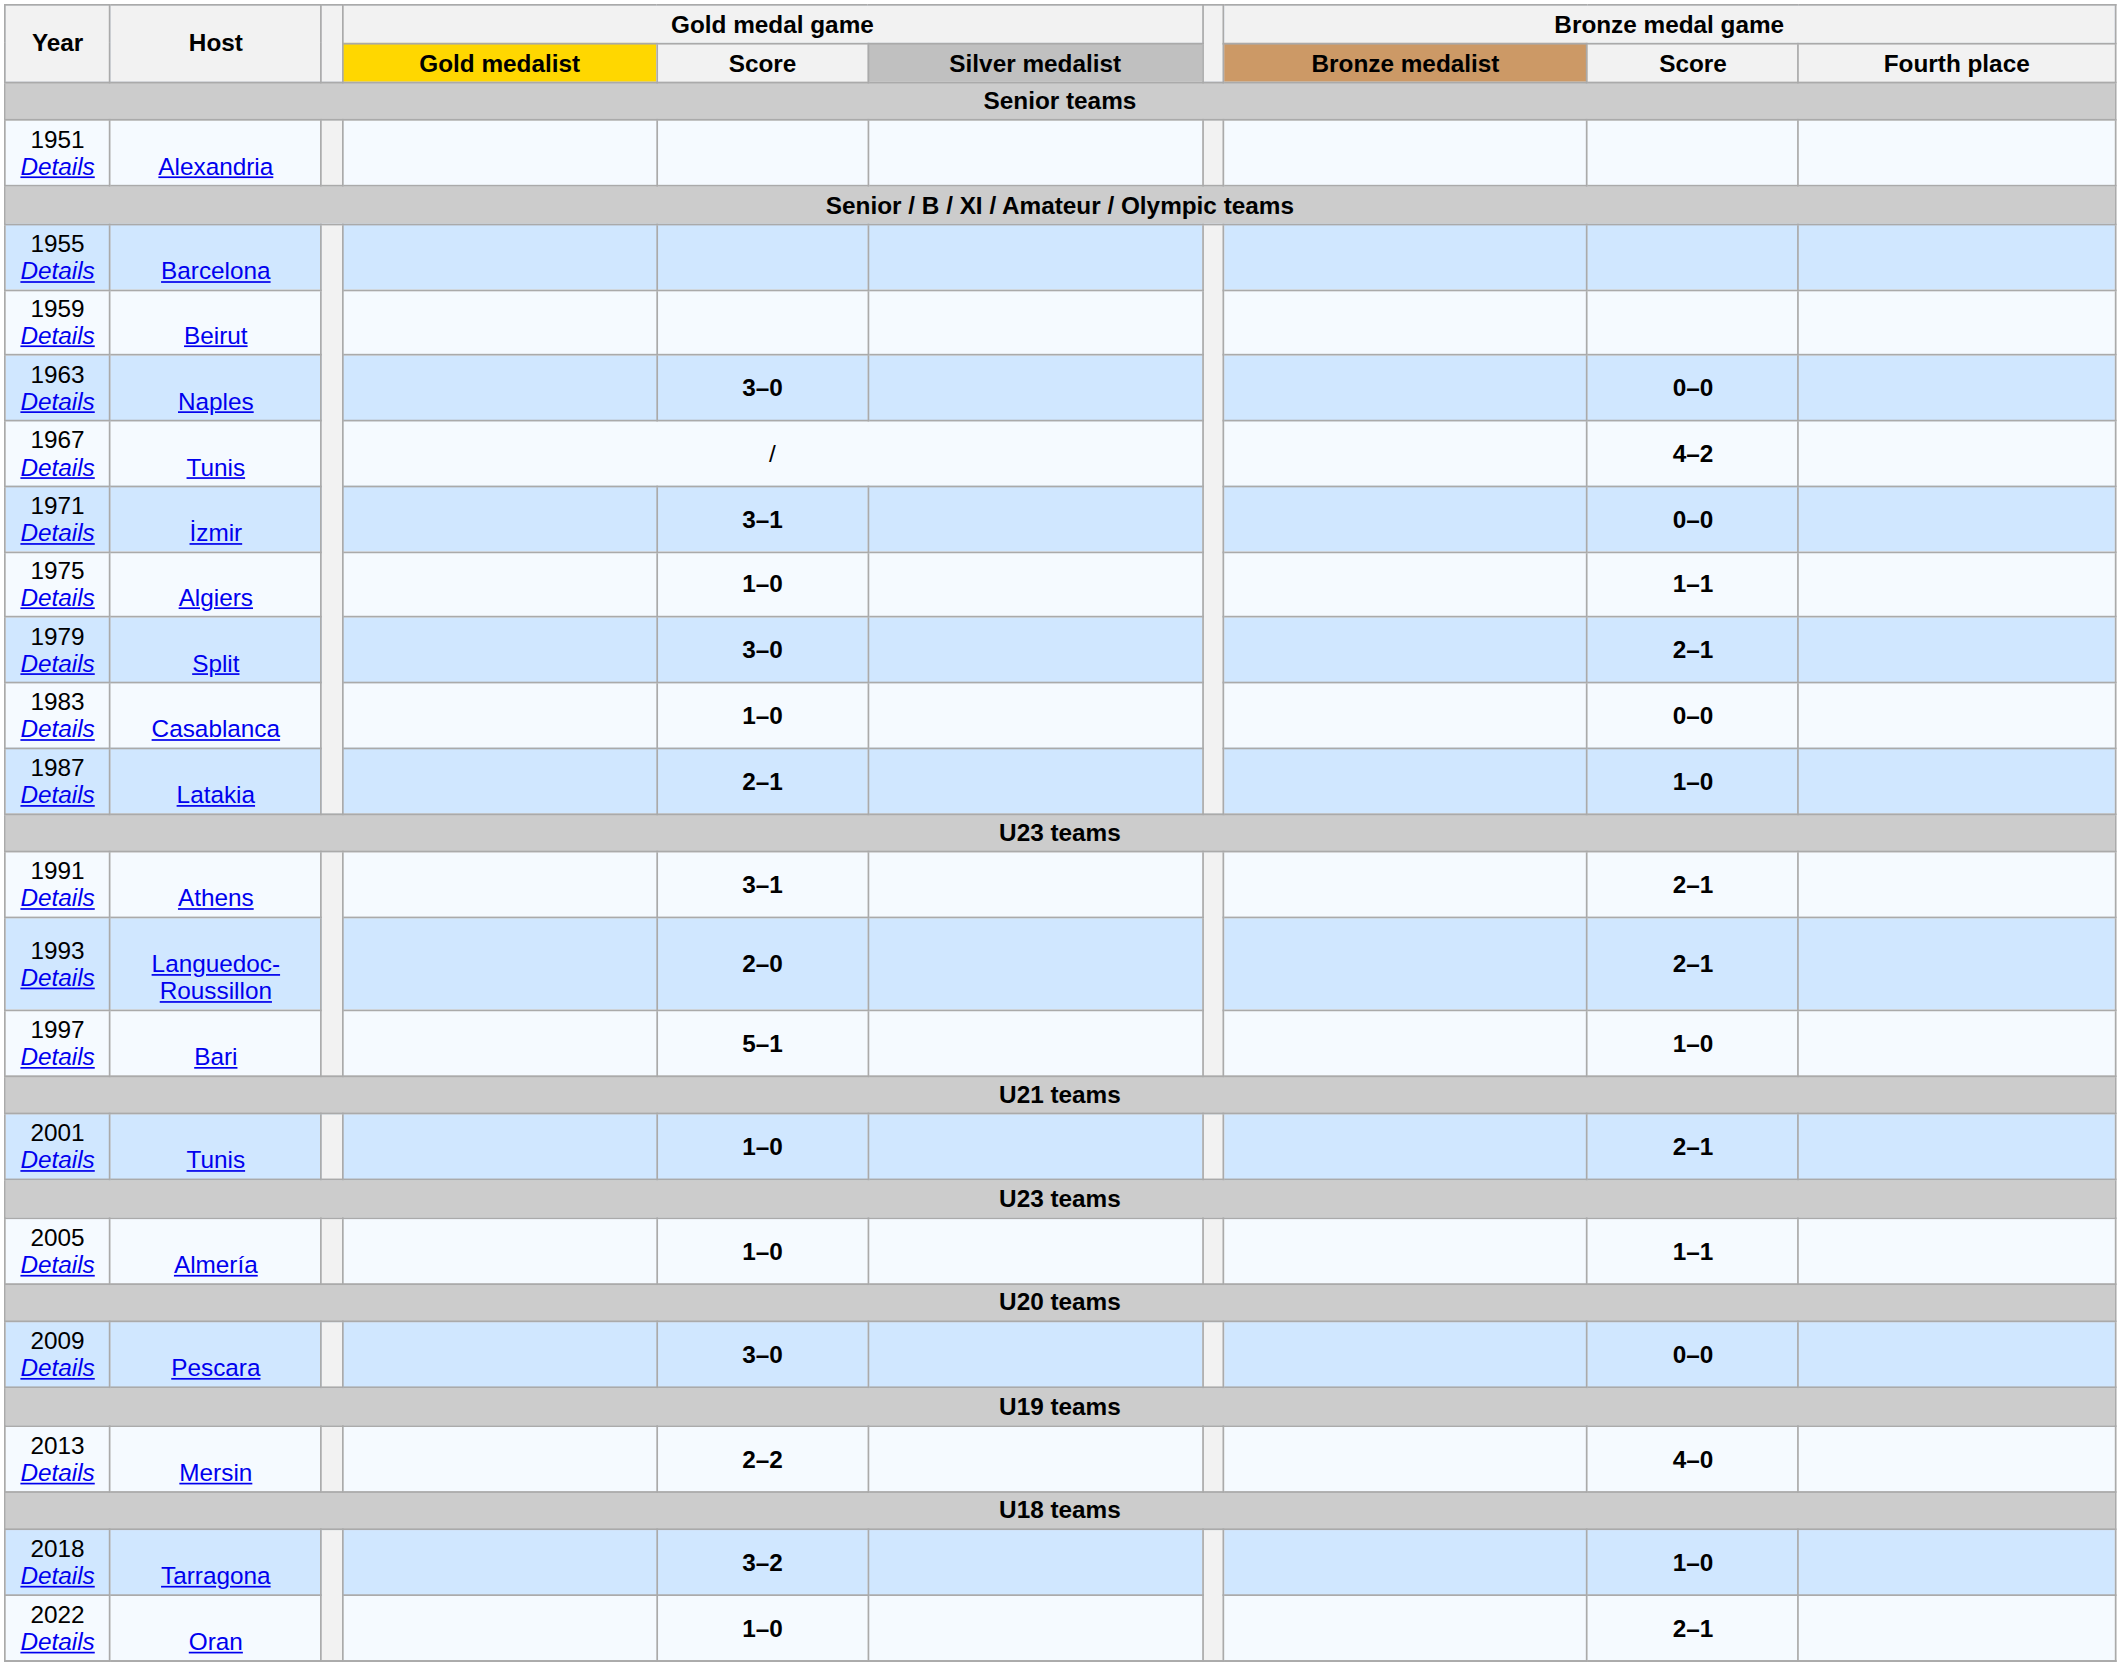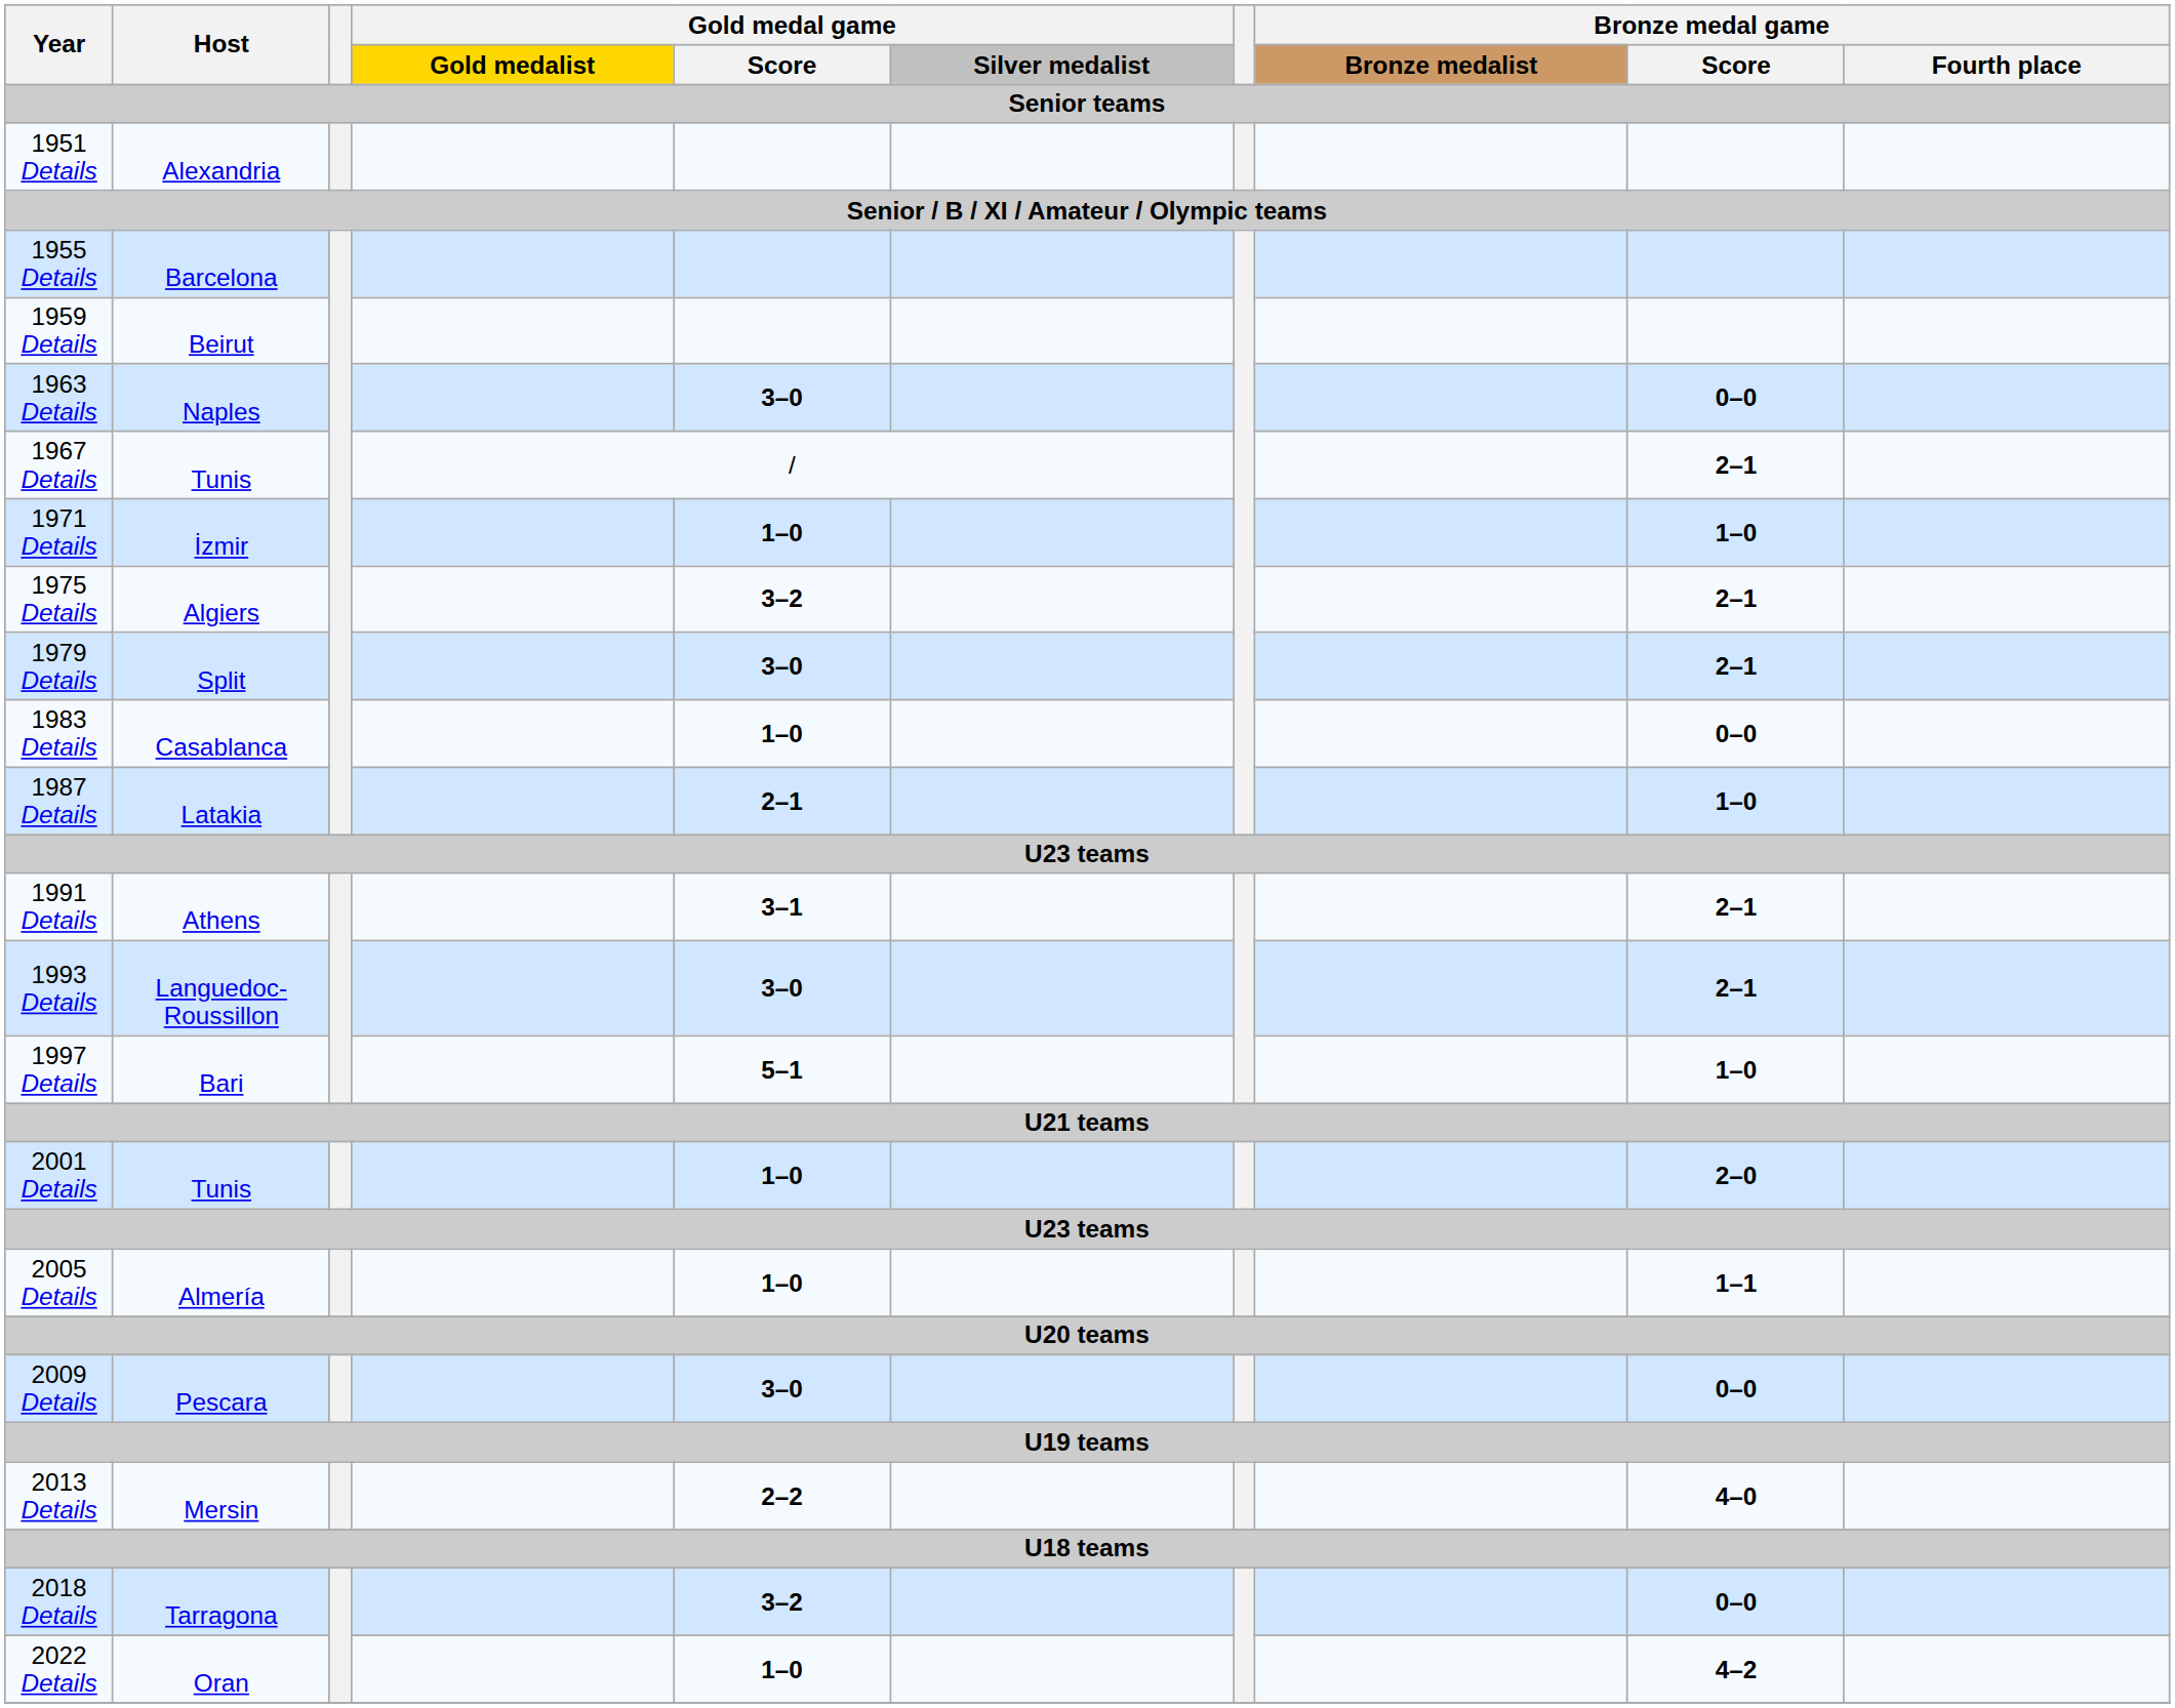 <table class=wikitable style="text-align:center; font-size:90%;">
 <tr bgcolor=#C1D8FF>
 <th rowspan=2 width=5%>Year</th>
 <th rowspan=2 width=10%>Host</th>
 <th width=1% rowspan=2 bgcolor=ffffff></th>
 <th colspan=3>Gold medal game</th>
 <th width=1% rowspan=2 bgcolor=ffffff></th>
 <th colspan=3>Bronze medal game</th>
 </tr>
 <tr bgcolor=#EFEFEF>
 <th style="background:gold; width=15%"> Gold medalist</th>
 <th width=10%>Score</th>
 <th style="background:silver; width=15%"> Silver medalist</th>
 <th style="background:#cc9966; width=15%"> Bronze medalist</th>
 <th width=10%>Score</th>
 <th width=15%>Fourth place</th>
 </tr>
 <tr bgcolor=#cccccc align=center>
 <td colspan=10><strong>Senior teams</strong></td>
 </tr>
 <tr bgcolor=#F5FAFF>
 <td>1951<br><em><a href='#'>Details</a></em></td>
 <td> <br><a href='#'>Alexandria</a></td>
 <th width=1% rowspan=1 bgcolor=ffffff></th>
 <td><strong></strong></td>
 <td></td>
 <td></td>
 <th width=1% rowspan=1 bgcolor=ffffff></th>
 <td></td>
 <td></td>
 <td></td>
 </tr>
 <tr bgcolor=#cccccc align=center>
 <td colspan=10><strong>Senior / B / XI / Amateur / Olympic teams</strong></td>
 </tr>
 <tr bgcolor=#D0E7FF>
 <td>1955<br><em><a href='#'>Details</a></em></td>
 <td> <br><a href='#'>Barcelona</a></td>
 <th width=1% rowspan=9 bgcolor=ffffff></th>
 <td><strong></strong></td>
 <td></td>
 <td></td>
 <th width=1% rowspan=9 bgcolor=ffffff></th>
 <td></td>
 <td></td>
 <td></td>
 </tr>
 <tr bgcolor=#F5FAFF>
 <td>1959<br><em><a href='#'>Details</a></em></td>
 <td> <br><a href='#'>Beirut</a></td>
 <td><strong></strong></td>
 <td></td>
 <td></td>
 <td></td>
 <td></td>
 <td></td>
 </tr>
 <tr bgcolor=#D0E7FF>
 <td>1963<br><em><a href='#'>Details</a></em></td>
 <td> <br><a href='#'>Naples</a></td>
 <td><strong></strong></td>
 <td><strong>3–0</strong></td>
 <td></td>
 <td></td>
 <td><strong>0–0</strong> <br> </td>
 <td></td>
 </tr>
 <tr bgcolor=#F5FAFF>
 <td>1967<br><em><a href='#'>Details</a></em></td>
 <td> <br><a href='#'>Tunis</a></td>
 <td colspan=3><strong></strong> / <strong></strong> <br> <em></em></td>
 <td></td>
-<td><strong>4–2</strong></td>
+<td><strong>2–1</strong></td>
 <td></td>
 </tr>
 <tr bgcolor=#D0E7FF>
 <td>1971<br><em><a href='#'>Details</a></em></td>
 <td> <br><a href='#'>İzmir</a></td>
 <td><strong></strong></td>
-<td><strong>3–1</strong></td>
+<td><strong>1–0</strong></td>
 <td></td>
 <td></td>
-<td><strong>0–0</strong> <br></td>
+<td><strong>1–0</strong> </td>
 <td></td>
 </tr>
 <tr bgcolor=#F5FAFF>
 <td>1975<br><em><a href='#'>Details</a></em></td>
 <td> <br><a href='#'>Algiers</a></td>
 <td><strong></strong></td>
-<td><strong>1–0</strong></td>
+<td><strong>3–2</strong> </td>
 <td></td>
 <td></td>
-<td><strong>1–1</strong> <br> </td>
+<td><strong>2–1</strong></td>
 <td></td>
 </tr>
 <tr bgcolor=#D0E7FF>
 <td>1979<br><em><a href='#'>Details</a></em></td>
 <td> <br><a href='#'>Split</a></td>
 <td><strong></strong></td>
 <td><strong>3–0</strong></td>
 <td></td>
 <td></td>
 <td><strong>2–1</strong></td>
 <td></td>
 </tr>
 <tr bgcolor=#F5FAFF>
 <td>1983<br><em><a href='#'>Details</a></em></td>
 <td> <br><a href='#'>Casablanca</a></td>
 <td><strong></strong></td>
 <td><strong>1–0</strong></td>
 <td></td>
 <td></td>
 <td><strong>0–0</strong> <br> </td>
 <td></td>
 </tr>
 <tr bgcolor=#D0E7FF>
 <td>1987<br><em><a href='#'>Details</a></em></td>
 <td> <br><a href='#'>Latakia</a></td>
 <td><strong></strong></td>
 <td><strong>2–1</strong></td>
 <td></td>
 <td></td>
 <td><strong>1–0</strong> </td>
 <td></td>
 </tr>
 <tr bgcolor=#cccccc align=center>
 <td colspan=10><strong>U23 teams</strong></td>
 </tr>
 <tr bgcolor=#F5FAFF>
 <td>1991<br><em><a href='#'>Details</a></em></td>
 <td> <br><a href='#'>Athens</a></td>
 <th width=1% rowspan=3 bgcolor=ffffff></th>
 <td><strong></strong></td>
 <td><strong>3–1</strong></td>
 <td></td>
 <th width=1% rowspan=3 bgcolor=ffffff></th>
 <td></td>
 <td><strong>2–1</strong></td>
 <td></td>
 </tr>
 <tr bgcolor=#D0E7FF>
 <td>1993<br><em><a href='#'>Details</a></em></td>
 <td> <br><a href='#'>Languedoc-Roussillon</a></td>
 <td><strong></strong></td>
-<td><strong>2–0</strong></td>
+<td><strong>3–0</strong></td>
 <td></td>
 <td></td>
 <td><strong>2–1</strong></td>
 <td></td>
 </tr>
 <tr bgcolor=#F5FAFF>
 <td>1997<br><em><a href='#'>Details</a></em></td>
 <td> <br><a href='#'>Bari</a></td>
 <td><strong></strong></td>
 <td><strong>5–1</strong></td>
 <td></td>
 <td></td>
 <td><strong>1–0</strong></td>
 <td></td>
 </tr>
 <tr bgcolor=#cccccc align=center>
 <td colspan=10><strong>U21 teams</strong></td>
 </tr>
 <tr bgcolor=#D0E7FF>
 <td>2001<br><em><a href='#'>Details</a></em></td>
 <td> <br><a href='#'>Tunis</a></td>
 <th width=1% rowspan=1 bgcolor=ffffff></th>
 <td><strong></strong></td>
 <td><strong>1–0</strong></td>
 <td></td>
 <th width=1% rowspan=1 bgcolor=ffffff></th>
 <td></td>
-<td><strong>2–1</strong></td>
+<td><strong>2–0</strong></td>
 <td></td>
 </tr>
 <tr bgcolor=#cccccc align=center>
 <td colspan=10><strong>U23 teams</strong></td>
 </tr>
 <tr bgcolor=#F5FAFF>
 <td>2005<br><em><a href='#'>Details</a></em></td>
 <td> <br><a href='#'>Almería</a></td>
 <th width=1% rowspan=1 bgcolor=ffffff></th>
 <td><strong></strong></td>
 <td><strong>1–0</strong></td>
 <td></td>
 <th width=1% rowspan=1 bgcolor=ffffff></th>
 <td></td>
 <td><strong>1–1</strong> <br> </td>
 <td></td>
 </tr>
 <tr bgcolor=#cccccc align=center>
 <td colspan=10><strong>U20 teams</strong></td>
 </tr>
 <tr bgcolor=#D0E7FF>
 <td>2009<br><em><a href='#'>Details</a></em></td>
 <td> <br><a href='#'>Pescara</a></td>
 <th width=1% rowspan=1 bgcolor=ffffff></th>
 <td><strong></strong></td>
 <td><strong>3–0</strong></td>
 <td></td>
 <th width=1% rowspan=1 bgcolor=ffffff></th>
 <td></td>
 <td><strong>0–0</strong> <br> </td>
 <td></td>
 </tr>
 <tr bgcolor=#cccccc align=center>
 <td colspan=10><strong>U19 teams</strong></td>
 </tr>
 <tr bgcolor=#F5FAFF>
 <td>2013 <br> <em><a href='#'>Details</a></em></td>
 <td> <br><a href='#'>Mersin</a></td>
 <th width=1% rowspan=1 bgcolor=ffffff></th>
 <td><strong></strong></td>
 <td><strong>2–2</strong> <br></td>
 <td></td>
 <th width=1% rowspan=1 bgcolor=ffffff></th>
 <td></td>
 <td><strong>4–0</strong></td>
 <td></td>
 </tr>
 <tr bgcolor=#cccccc align=center>
 <td colspan=10><strong>U18 teams</strong></td>
 </tr>
 <tr bgcolor=#D0E7FF>
 <td>2018<br><em><a href='#'>Details</a></em></td>
 <td> <br><a href='#'>Tarragona</a></td>
 <th width=1% rowspan=2 bgcolor=ffffff></th>
 <td><strong></strong></td>
 <td><strong>3–2 </strong></td>
 <td></td>
 <th width=1% rowspan=2 bgcolor=ffffff></th>
 <td></td>
-<td><strong>1–0</strong> </td>
+<td><strong>0–0</strong> <br></td>
 <td></td>
 </tr>
 <tr bgcolor=#F5FAFF>
 <td>2022<br><em><a href='#'>Details</a></em></td>
 <td> <br><a href='#'>Oran</a></td>
 <td><strong></strong></td>
 <td><strong>1–0 </strong></td>
 <td></td>
 <td></td>
-<td><strong>2–1</strong></td>
+<td><strong>4–2</strong></td>
 <td></td>
 </tr>
 <tr bgcolor=#F5FAFF>
 </tr>
 </table>
